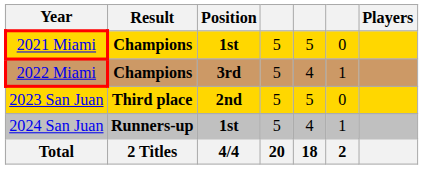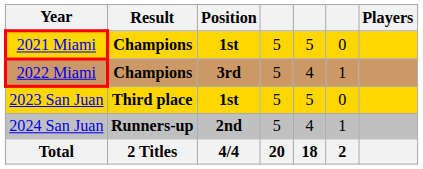 <table class="wikitable" style="text-align: center;">
 <tr>
 <th>Year</th>
 <th>Result</th>
 <th>Position</th>
 <th width=25px></th>
 <th width=25px></th>
 <th width=25px></th>
 <th>Players</th>
 </tr>
 <tr bgcolor=gold>
 <td style="border: 3px solid red" "text-align:left;"> <a href='#'>2021 Miami</a></td>
 <td><strong>Champions</strong></td>
 <td><strong>1st</strong></td>
 <td>5</td>
 <td>5</td>
 <td>0</td>
 <td></td>
 </tr>
 <tr bgcolor=cc9966>
 <td style="border: 3px solid red" "text-align:left;"> <a href='#'>2022 Miami</a></td>
 <td><strong>Champions</strong></td>
 <td><strong>3rd</strong></td>
 <td>5</td>
 <td>4</td>
 <td>1</td>
 <td></td>
 </tr>
 <tr bgcolor=gold>
 <td style="text-align:left;"> <a href='#'>2023 San Juan</a></td>
 <td><strong>Third place</strong></td>
-<td><strong>2nd</strong></td>
+<td><strong>1st</strong></td>
 <td>5</td>
 <td>5</td>
 <td>0</td>
 <td></td>
 </tr>
 <tr bgcolor="silver">
 <td style="text-align:left;"> <a href='#'>2024 San Juan</a></td>
 <td><strong>Runners-up</strong></td>
-<td><strong>1st</strong></td>
+<td><strong>2nd</strong></td>
 <td>5</td>
 <td>4</td>
 <td>1</td>
 <td></td>
 </tr>
 <tr>
 <th>Total</th>
 <th>2 Titles</th>
 <th>4/4</th>
 <th>20</th>
 <th>18</th>
 <th>2</th>
 <th></th>
 </tr>
 </table>
